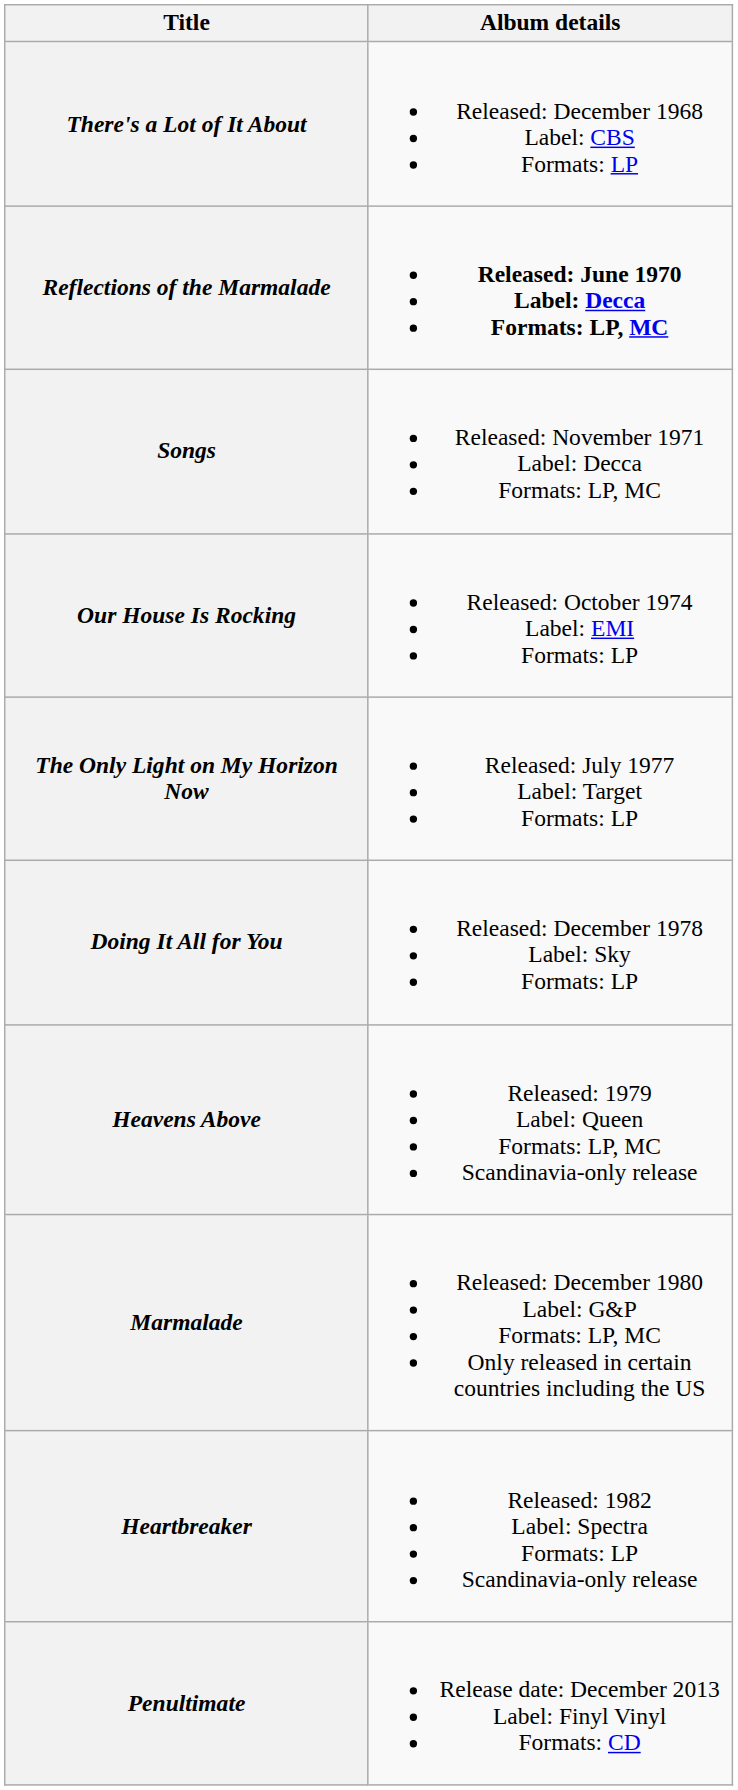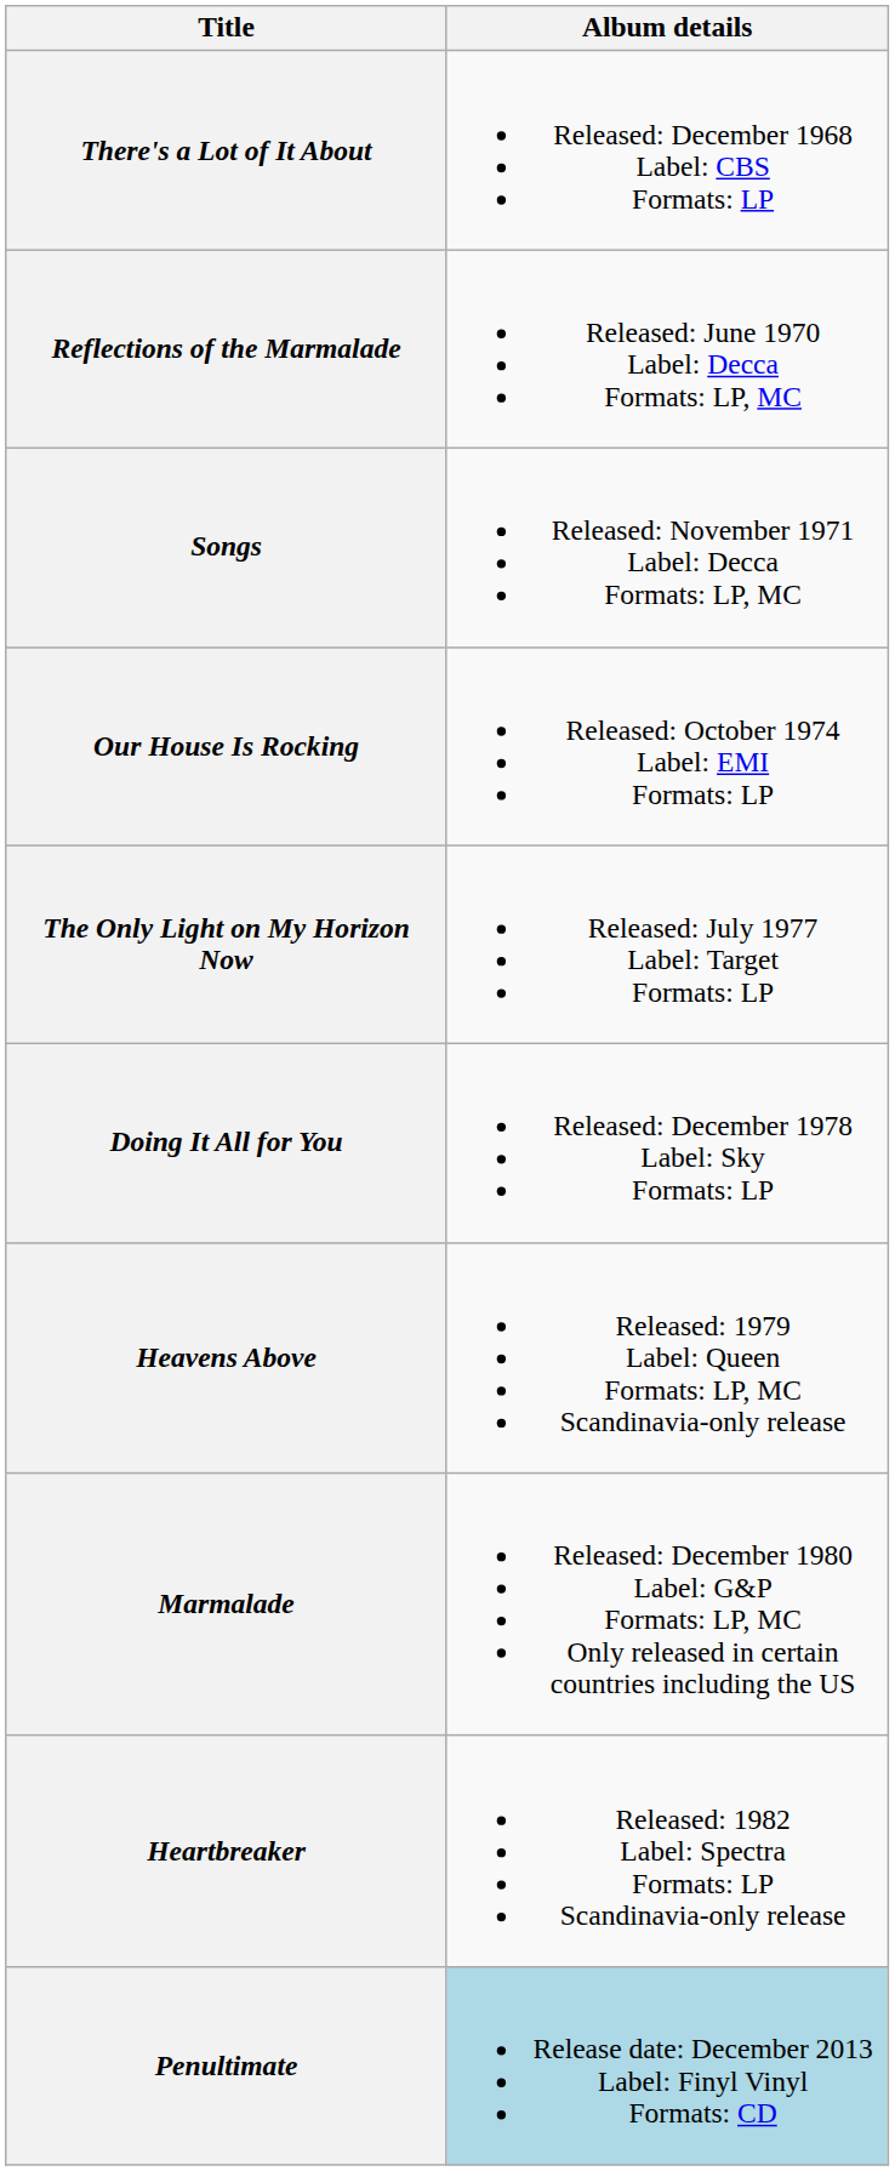 <table class="wikitable plainrowheaders" style="text-align:center;">
 <tr>
 <th scope="col" style="width:15em;">Title</th>
 <th scope="col" style="width:15em;">Album details</th>
 </tr>
 <tr>
 <th scope="row"><em>There's a Lot of It About</em></th>
 <td><br><ul><li>Released: December 1968</li><li>Label: <a href='#'>CBS</a></li><li>Formats: <a href='#'>LP</a></li></ul></td>
 </tr>
 <tr>
 <th scope="row"><em>Reflections of the Marmalade</em></th>
-<td><strong><br><ul><li>Released: June 1970</li><li>Label: <a href='#'>Decca</a></li><li>Formats: LP, <a href='#'>MC</a></li></ul></strong></td>
+<td><br><ul><li>Released: June 1970</li><li>Label: <a href='#'>Decca</a></li><li>Formats: LP, <a href='#'>MC</a></li></ul></td>
 </tr>
 <tr>
 <th scope="row"><em>Songs</em></th>
 <td><br><ul><li>Released: November 1971</li><li>Label: Decca</li><li>Formats: LP, MC</li></ul></td>
 </tr>
 <tr>
 <th scope="row"><em>Our House Is Rocking</em></th>
 <td><br><ul><li>Released: October 1974</li><li>Label: <a href='#'>EMI</a></li><li>Formats: LP</li></ul></td>
 </tr>
 <tr>
 <th scope="row"><em>The Only Light on My Horizon Now</em></th>
 <td><br><ul><li>Released: July 1977</li><li>Label: Target</li><li>Formats: LP</li></ul></td>
 </tr>
 <tr>
 <th scope="row"><em>Doing It All for You</em></th>
 <td><br><ul><li>Released: December 1978</li><li>Label: Sky</li><li>Formats: LP</li></ul></td>
 </tr>
 <tr>
 <th scope="row"><em>Heavens Above</em></th>
 <td><br><ul><li>Released: 1979</li><li>Label: Queen</li><li>Formats: LP, MC</li><li>Scandinavia-only release</li></ul></td>
 </tr>
 <tr>
 <th scope="row"><em>Marmalade</em></th>
 <td><br><ul><li>Released: December 1980</li><li>Label: G&P</li><li>Formats: LP, MC</li><li>Only released in certain countries including the US</li></ul></td>
 </tr>
 <tr>
 <th scope="row"><em>Heartbreaker</em></th>
 <td><br><ul><li>Released: 1982</li><li>Label: Spectra</li><li>Formats: LP</li><li>Scandinavia-only release</li></ul></td>
 </tr>
 <tr>
 <th scope="row"><em>Penultimate</em></th>
-<td><br><ul><li>Release date: December 2013</li><li>Label: Finyl Vinyl</li><li>Formats: <a href='#'>CD</a></li></ul></td>
+<td style="background: lightblue;"><br><ul><li>Release date: December 2013</li><li>Label: Finyl Vinyl</li><li>Formats: <a href='#'>CD</a></li></ul></td>
 </tr>
 </table>
